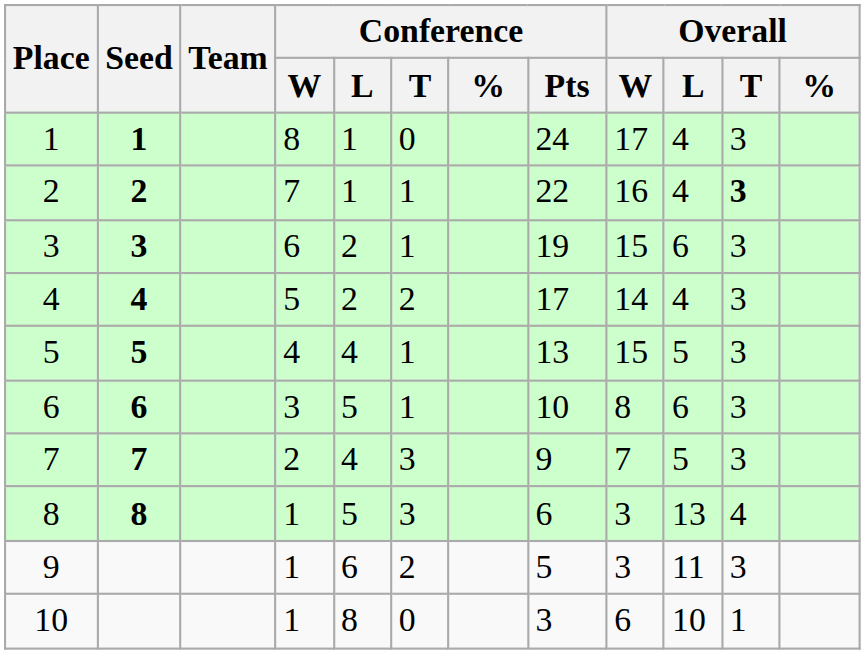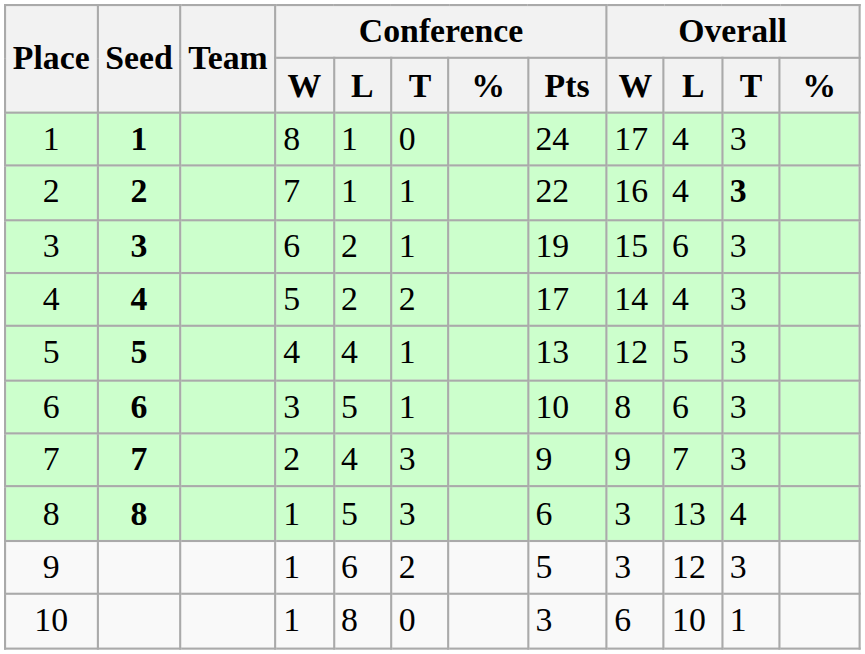 <table class="wikitable">
 <tr>
 <th rowspan ="2">Place</th>
 <th rowspan ="2">Seed</th>
 <th rowspan ="2">Team</th>
 <th colspan = "5">Conference</th>
 <th colspan = "4">Overall</th>
 </tr>
 <tr>
 <th scope=col style="width: 20px;">W</th>
 <th scope=col style="width: 20px;">L</th>
 <th scope=col style="width: 20px;">T</th>
 <th scope=col style="width: 30px;">%</th>
 <th scope=col style="width: 30px;">Pts</th>
 <th scope=col style="width: 20px;">W</th>
 <th scope=col style="width: 20px;">L</th>
 <th scope=col style="width: 20px;">T</th>
 <th scope=col style="width: 30px;">%</th>
 </tr>
 <tr bgcolor=#ccffcc>
 <td style="text-align:center;">1</td>
 <td style="text-align:center;"><strong>1</strong></td>
 <td></td>
 <td>8</td>
 <td>1</td>
 <td>0</td>
 <td></td>
 <td>24</td>
 <td>17</td>
 <td>4</td>
 <td>3</td>
 <td></td>
 </tr>
 <tr bgcolor=#ccffcc>
 <td style="text-align:center;">2</td>
 <td style="text-align:center;"><strong>2</strong></td>
 <td></td>
 <td>7</td>
 <td>1</td>
 <td>1</td>
 <td></td>
 <td>22</td>
 <td>16</td>
 <td>4</td>
 <td><strong>3</strong></td>
 <td></td>
 </tr>
 <tr bgcolor=#ccffcc>
 <td style="text-align:center;">3</td>
 <td style="text-align:center;"><strong>3</strong></td>
 <td></td>
 <td>6</td>
 <td>2</td>
 <td>1</td>
 <td></td>
 <td>19</td>
 <td>15</td>
 <td>6</td>
 <td>3</td>
 <td></td>
 </tr>
 <tr bgcolor=#ccffcc>
 <td style="text-align:center;">4</td>
 <td style="text-align:center;"><strong>4</strong></td>
 <td></td>
 <td>5</td>
 <td>2</td>
 <td>2</td>
 <td></td>
 <td>17</td>
 <td>14</td>
 <td>4</td>
 <td>3</td>
 <td></td>
 </tr>
 <tr bgcolor=#ccffcc>
 <td style="text-align:center;">5</td>
 <td style="text-align:center;"><strong>5</strong></td>
 <td></td>
 <td>4</td>
 <td>4</td>
 <td>1</td>
 <td></td>
 <td>13</td>
-<td>15</td>
+<td>12</td>
 <td>5</td>
 <td>3</td>
 <td></td>
 </tr>
 <tr bgcolor=#ccffcc>
 <td style="text-align:center;">6</td>
 <td style="text-align:center;"><strong>6</strong></td>
 <td></td>
 <td>3</td>
 <td>5</td>
 <td>1</td>
 <td></td>
 <td>10</td>
 <td>8</td>
 <td>6</td>
 <td>3</td>
 <td></td>
 </tr>
 <tr bgcolor=#ccffcc>
 <td style="text-align:center;">7</td>
 <td style="text-align:center;"><strong>7</strong></td>
 <td></td>
 <td>2</td>
 <td>4</td>
 <td>3</td>
 <td></td>
 <td>9</td>
+<td>9</td>
 <td>7</td>
-<td>5</td>
 <td>3</td>
 <td></td>
 </tr>
 <tr bgcolor=#ccffcc>
 <td style="text-align:center;">8</td>
 <td style="text-align:center;"><strong>8</strong></td>
 <td></td>
 <td>1</td>
 <td>5</td>
 <td>3</td>
 <td></td>
 <td>6</td>
 <td>3</td>
 <td>13</td>
 <td>4</td>
 <td></td>
 </tr>
 <tr>
 <td style="text-align:center;">9</td>
 <td style="text-align:center;"></td>
 <td></td>
 <td>1</td>
 <td>6</td>
 <td>2</td>
 <td></td>
 <td>5</td>
 <td>3</td>
-<td>11</td>
+<td>12</td>
 <td>3</td>
 <td></td>
 </tr>
 <tr>
 <td style="text-align:center;">10</td>
 <td style="text-align:center;"></td>
 <td></td>
 <td>1</td>
 <td>8</td>
 <td>0</td>
 <td></td>
 <td>3</td>
 <td>6</td>
 <td>10</td>
 <td>1</td>
 <td></td>
 </tr>
 </table>
